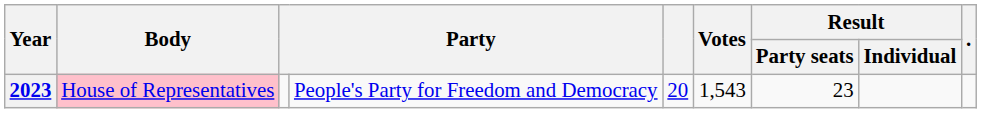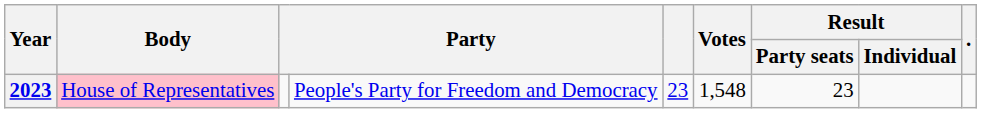 <table class="wikitable plainrowheaders sortable" border=2 cellpadding=4 cellspacing=0 style="border: 1px #aaa solid; font-size: 90%; text-align:center;">
 <tr>
 <th scope="col" rowspan=2>Year</th>
 <th scope="col" rowspan=2>Body</th>
 <th scope="col" colspan=2 rowspan=2>Party</th>
 <th scope="col" rowspan=2></th>
 <th scope="col" rowspan=2>Votes</th>
 <th scope="colgroup" colspan=2>Result</th>
 <th scope="col" rowspan=2 class="unsortable">.</th>
 </tr>
 <tr>
 <th scope="col">Party seats</th>
 <th scope="col">Individual</th>
 </tr>
 <tr>
 <th scope="row"><a href='#'>2023</a></th>
 <td style="background: pink;"><a href='#'>House of Representatives</a></td>
 <td style="background-color:"></td>
 <td><a href='#'>People's Party for Freedom and Democracy</a></td>
-<td style=text-align:right><a href='#'>20</a></td>
-<td style=text-align:right>1,543</td>
+<td style=text-align:right><a href='#'>23</a></td>
+<td style=text-align:right>1,548</td>
 <td style=text-align:right>23</td>
 <td></td>
 <td></td>
 </tr>
 </table>
